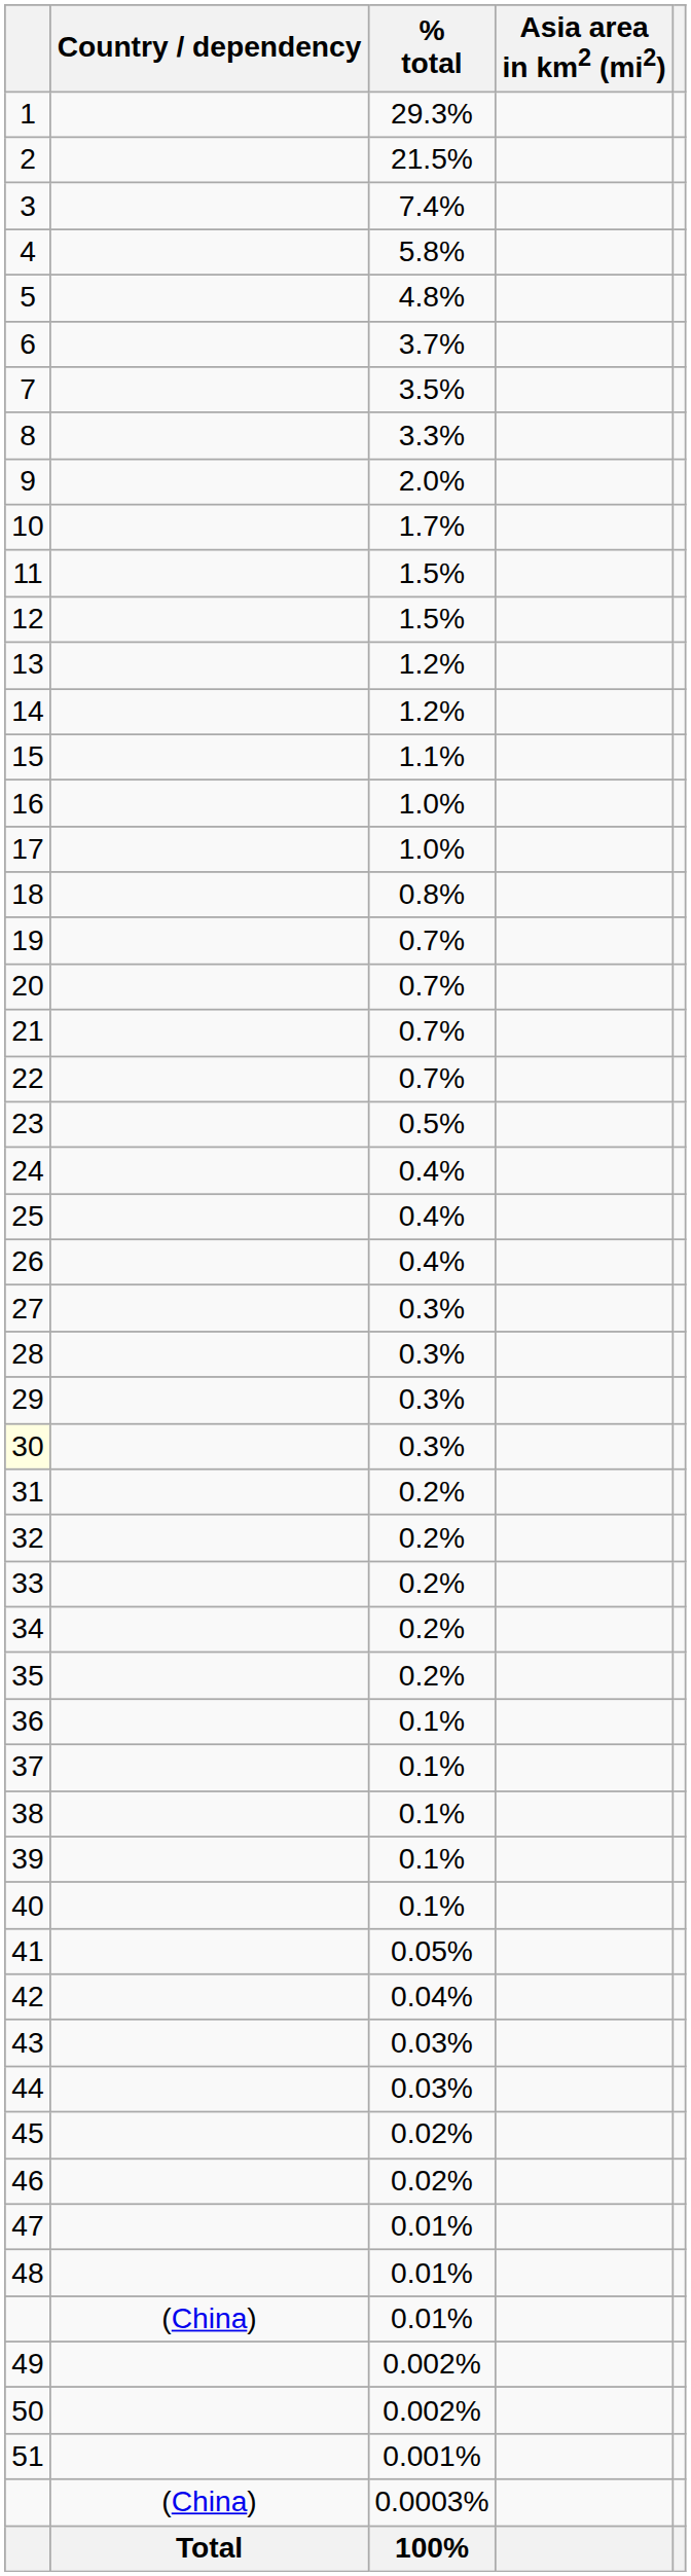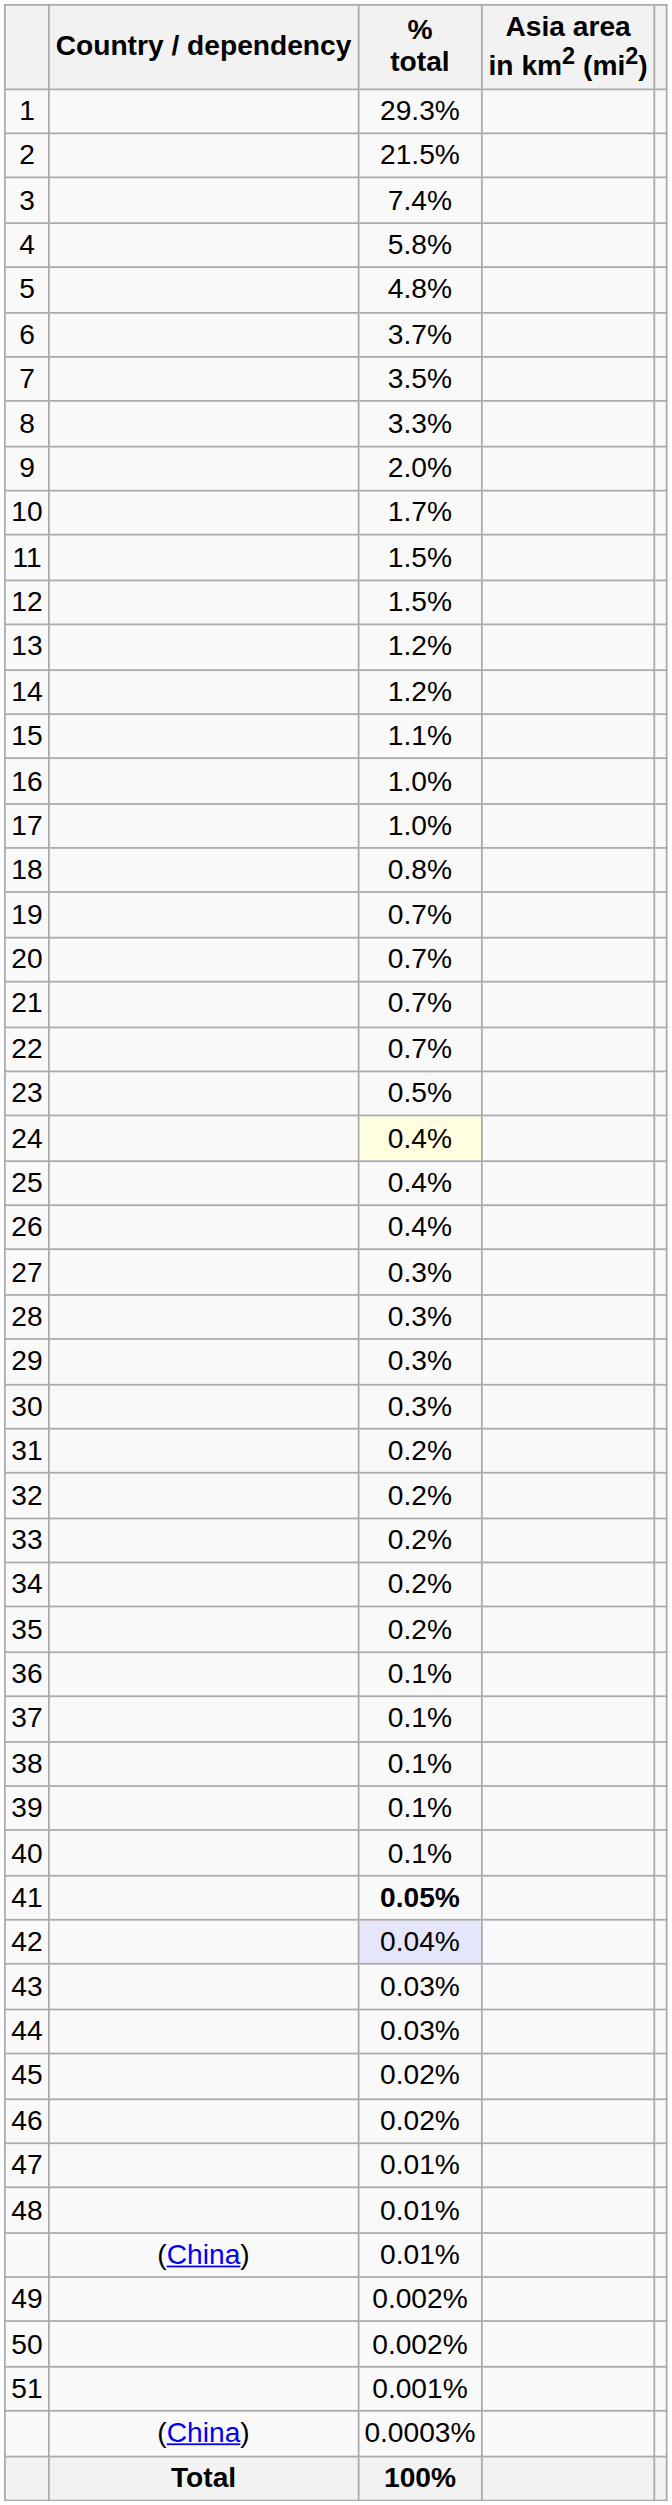 <table class="sortable wikitable sticky-header col2left" style="text-align: center">
 <tr>
 <th></th>
 <th>Country / dependency</th>
 <th>%<br>total</th>
 <th>Asia area<br>in km<sup>2</sup> (mi<sup>2</sup>)</th>
 <th class="unsortable"></th>
 </tr>
 <tr>
 <td>1</td>
 <td></td>
 <td>29.3%</td>
 <td></td>
 <td></td>
 </tr>
 <tr>
 <td>2</td>
 <td></td>
 <td>21.5%</td>
 <td></td>
 <td></td>
 </tr>
 <tr>
 <td>3</td>
 <td></td>
 <td>7.4%</td>
 <td></td>
 <td></td>
 </tr>
 <tr>
 <td>4</td>
 <td></td>
 <td>5.8%</td>
 <td></td>
 <td></td>
 </tr>
 <tr>
 <td>5</td>
 <td></td>
 <td>4.8%</td>
 <td></td>
 <td></td>
 </tr>
 <tr>
 <td>6</td>
 <td></td>
 <td>3.7%</td>
 <td></td>
 <td></td>
 </tr>
 <tr>
 <td>7</td>
 <td></td>
 <td>3.5%</td>
 <td></td>
 <td></td>
 </tr>
 <tr>
 <td>8</td>
 <td></td>
 <td>3.3%</td>
 <td></td>
 <td></td>
 </tr>
 <tr>
 <td>9</td>
 <td></td>
 <td>2.0%</td>
 <td></td>
 <td></td>
 </tr>
 <tr>
 <td>10</td>
 <td></td>
 <td>1.7%</td>
 <td></td>
 <td></td>
 </tr>
 <tr>
 <td>11</td>
 <td></td>
 <td>1.5%</td>
 <td></td>
 <td></td>
 </tr>
 <tr>
 <td>12</td>
 <td></td>
 <td>1.5%</td>
 <td></td>
 <td></td>
 </tr>
 <tr>
 <td>13</td>
 <td></td>
 <td>1.2%</td>
 <td></td>
 <td></td>
 </tr>
 <tr>
 <td>14</td>
 <td></td>
 <td>1.2%</td>
 <td></td>
 <td></td>
 </tr>
 <tr>
 <td>15</td>
 <td></td>
 <td>1.1%</td>
 <td></td>
 <td></td>
 </tr>
 <tr>
 <td>16</td>
 <td></td>
 <td>1.0%</td>
 <td></td>
 <td></td>
 </tr>
 <tr>
 <td>17</td>
 <td></td>
 <td>1.0%</td>
 <td></td>
 <td></td>
 </tr>
 <tr>
 <td>18</td>
 <td></td>
 <td>0.8%</td>
 <td></td>
 <td></td>
 </tr>
 <tr>
 <td>19</td>
 <td></td>
 <td>0.7%</td>
 <td></td>
 <td></td>
 </tr>
 <tr>
 <td>20</td>
 <td></td>
 <td>0.7%</td>
 <td></td>
 <td></td>
 </tr>
 <tr>
 <td>21</td>
 <td></td>
 <td>0.7%</td>
 <td></td>
 <td></td>
 </tr>
 <tr>
 <td>22</td>
 <td></td>
 <td>0.7%</td>
 <td></td>
 <td></td>
 </tr>
 <tr>
 <td>23</td>
 <td></td>
 <td>0.5%</td>
 <td></td>
 <td></td>
 </tr>
 <tr>
 <td>24</td>
 <td></td>
-<td>0.4%</td>
+<td style="background: lightyellow;">0.4%</td>
 <td></td>
 <td></td>
 </tr>
 <tr>
 <td>25</td>
 <td></td>
 <td>0.4%</td>
 <td></td>
 <td></td>
 </tr>
 <tr>
 <td>26</td>
 <td></td>
 <td>0.4%</td>
 <td></td>
 <td></td>
 </tr>
 <tr>
 <td>27</td>
 <td></td>
 <td>0.3%</td>
 <td></td>
 <td></td>
 </tr>
 <tr>
 <td>28</td>
 <td></td>
 <td>0.3%</td>
 <td></td>
 <td></td>
 </tr>
 <tr>
 <td>29</td>
 <td></td>
 <td>0.3%</td>
 <td></td>
 <td></td>
 </tr>
 <tr>
-<td style="background: lightyellow;">30</td>
+<td>30</td>
 <td></td>
 <td>0.3%</td>
 <td></td>
 <td></td>
 </tr>
 <tr>
 <td>31</td>
 <td></td>
 <td>0.2%</td>
 <td></td>
 <td></td>
 </tr>
 <tr>
 <td>32</td>
 <td></td>
 <td>0.2%</td>
 <td></td>
 <td></td>
 </tr>
 <tr>
 <td>33</td>
 <td></td>
 <td>0.2%</td>
 <td></td>
 <td></td>
 </tr>
 <tr>
 <td>34</td>
 <td></td>
 <td>0.2%</td>
 <td></td>
 <td></td>
 </tr>
 <tr>
 <td>35</td>
 <td></td>
 <td>0.2%</td>
 <td></td>
 <td></td>
 </tr>
 <tr>
 <td>36</td>
 <td></td>
 <td>0.1%</td>
 <td></td>
 <td></td>
 </tr>
 <tr>
 <td>37</td>
 <td></td>
 <td>0.1%</td>
 <td></td>
 <td></td>
 </tr>
 <tr>
 <td>38</td>
 <td></td>
 <td>0.1%</td>
 <td></td>
 <td></td>
 </tr>
 <tr>
 <td>39</td>
 <td></td>
 <td>0.1%</td>
 <td></td>
 <td></td>
 </tr>
 <tr>
 <td>40</td>
 <td></td>
 <td>0.1%</td>
 <td></td>
 <td></td>
 </tr>
 <tr>
 <td>41</td>
 <td></td>
-<td>0.05%</td>
+<td><strong>0.05%</strong></td>
 <td></td>
 <td></td>
 </tr>
 <tr>
 <td>42</td>
 <td></td>
-<td>0.04%</td>
+<td style="background: lavender;">0.04%</td>
 <td></td>
 <td></td>
 </tr>
 <tr>
 <td>43</td>
 <td></td>
 <td>0.03%</td>
 <td></td>
 <td></td>
 </tr>
 <tr>
 <td>44</td>
 <td></td>
 <td>0.03%</td>
 <td></td>
 <td></td>
 </tr>
 <tr>
 <td>45</td>
 <td></td>
 <td>0.02%</td>
 <td></td>
 <td></td>
 </tr>
 <tr>
 <td>46</td>
 <td></td>
 <td>0.02%</td>
 <td></td>
 <td></td>
 </tr>
 <tr>
 <td>47</td>
 <td></td>
 <td>0.01%</td>
 <td></td>
 <td></td>
 </tr>
 <tr>
 <td>48</td>
 <td></td>
 <td>0.01%</td>
 <td></td>
 <td></td>
 </tr>
 <tr>
 <td></td>
 <td> (<a href='#'>China</a>)</td>
 <td>0.01%</td>
 <td></td>
 <td></td>
 </tr>
 <tr>
 <td>49</td>
 <td></td>
 <td>0.002%</td>
 <td></td>
 <td></td>
 </tr>
 <tr>
 <td>50</td>
 <td></td>
 <td>0.002%</td>
 <td></td>
 <td></td>
 </tr>
 <tr>
 <td>51</td>
 <td></td>
 <td>0.001%</td>
 <td></td>
 <td></td>
 </tr>
 <tr>
 <td></td>
 <td> (<a href='#'>China</a>)</td>
 <td>0.0003%</td>
 <td></td>
 <td></td>
 </tr>
 <tr>
 <th></th>
 <th>Total</th>
 <th>100%</th>
 <th></th>
 <th></th>
 </tr>
 </table>
